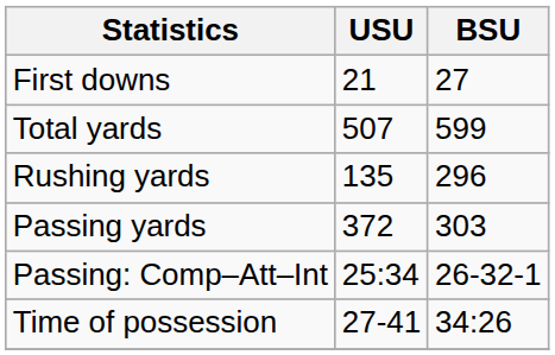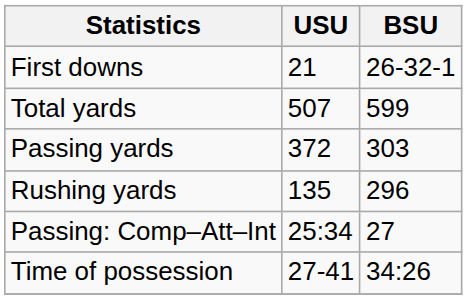 <table class="wikitable" style="float: left;">
 <tr>
 <th>Statistics</th>
 <th>USU</th>
 <th>BSU</th>
 </tr>
 <tr>
 <td>First downs</td>
 <td>21</td>
-<td>27</td>
+<td>26-32-1</td>
 </tr>
 <tr>
 <td>Total yards</td>
 <td>507</td>
 <td>599</td>
 </tr>
 <tr>
+<td>Passing yards</td>
+<td>372</td>
+<td>303</td>
+</tr>
+<tr>
 <td>Rushing yards</td>
 <td>135</td>
 <td>296</td>
 </tr>
 <tr>
-<td>Passing yards</td>
-<td>372</td>
-<td>303</td>
-</tr>
-<tr>
 <td>Passing: Comp–Att–Int</td>
 <td>25:34</td>
-<td>26-32-1</td>
+<td>27</td>
 </tr>
 <tr>
 <td>Time of possession</td>
 <td>27-41</td>
 <td>34:26</td>
 </tr>
 <tr>
 </tr>
 </table>
